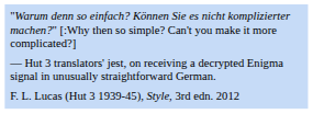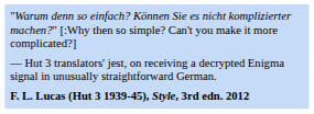 <table class="toccolours" style="float: right; margin-left: 1em; margin-right: 2em; font-size: 85%; background:#c6dbf7; color:black; width:30em; max-width: 40%;" cellspacing="5">
 <tr>
 <td style="text-align: left;">"<em>Warum denn so einfach? Können Sie es nicht komplizierter machen?</em>" [:Why then so simple? Can't you make it more complicated?]<br></td>
 </tr>
 <tr>
 <td>― Hut 3 translators' jest, on receiving a decrypted Enigma signal in unusually straightforward German.</td>
 </tr>
 <tr>
-<td style="text-align: left;">F. L. Lucas (Hut 3 1939-45), <em>Style</em>, 3rd edn. 2012 </td>
+<td style="text-align: left;"><strong>F. L. Lucas (Hut 3 1939-45), <em>Style</em>, 3rd edn. 2012 </strong></td>
 </tr>
 </table>
